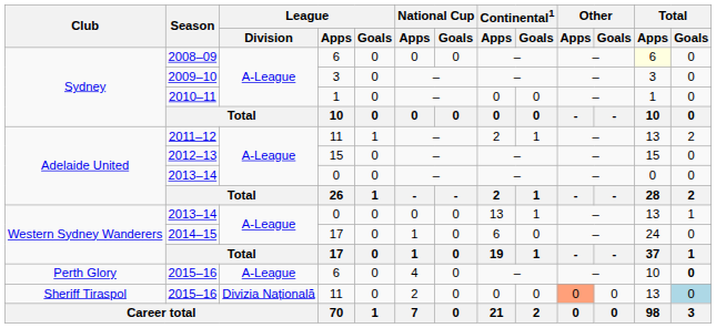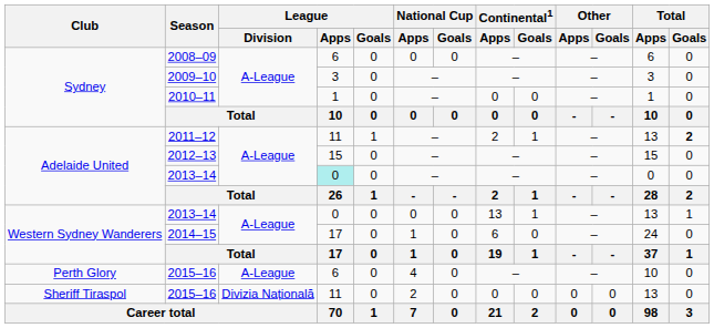 <table class="wikitable" style="text-align: center;">
 <tr>
 <th rowspan="2">Club</th>
 <th rowspan="2">Season</th>
 <th colspan="3">League</th>
 <th colspan="2">National Cup</th>
 <th colspan="2">Continental<sup>1</sup></th>
 <th colspan="2">Other</th>
 <th colspan="2">Total</th>
 </tr>
 <tr>
 <th>Division</th>
 <th>Apps</th>
 <th>Goals</th>
 <th>Apps</th>
 <th>Goals</th>
 <th>Apps</th>
 <th>Goals</th>
 <th>Apps</th>
 <th>Goals</th>
 <th>Apps</th>
 <th>Goals</th>
 </tr>
 <tr>
 <td rowspan="4" valign="center"><a href='#'>Sydney</a></td>
 <td><a href='#'>2008–09</a></td>
 <td rowspan="3" valign="center"><a href='#'>A-League</a></td>
 <td>6</td>
 <td>0</td>
 <td>0</td>
 <td>0</td>
 <td colspan="2">–</td>
 <td colspan="2">–</td>
-<td style="background: lightyellow;">6</td>
+<td>6</td>
 <td>0</td>
 </tr>
 <tr>
 <td><a href='#'>2009–10</a></td>
 <td>3</td>
 <td>0</td>
 <td colspan="2">–</td>
 <td colspan="2">–</td>
 <td colspan="2">–</td>
 <td>3</td>
 <td>0</td>
 </tr>
 <tr>
 <td><a href='#'>2010–11</a></td>
 <td>1</td>
 <td>0</td>
 <td colspan="2">–</td>
 <td>0</td>
 <td>0</td>
 <td colspan="2">–</td>
 <td>1</td>
 <td>0</td>
 </tr>
 <tr>
 <th colspan="2">Total</th>
 <th>10</th>
 <th>0</th>
 <th>0</th>
 <th>0</th>
 <th>0</th>
 <th>0</th>
 <th>-</th>
 <th>-</th>
 <th>10</th>
 <th>0</th>
 </tr>
 <tr>
 <td rowspan="4" valign="center"><a href='#'>Adelaide United</a></td>
 <td><a href='#'>2011–12</a></td>
 <td rowspan="3" valign="center"><a href='#'>A-League</a></td>
 <td>11</td>
 <td>1</td>
 <td colspan="2">–</td>
 <td>2</td>
 <td>1</td>
 <td colspan="2">–</td>
 <td>13</td>
-<td>2</td>
+<td><strong>2</strong></td>
 </tr>
 <tr>
 <td><a href='#'>2012–13</a></td>
 <td>15</td>
 <td>0</td>
 <td colspan="2">–</td>
 <td colspan="2">–</td>
 <td colspan="2">–</td>
 <td>15</td>
 <td>0</td>
 </tr>
 <tr>
 <td><a href='#'>2013–14</a></td>
-<td>0</td>
+<td style="background: paleturquoise;">0</td>
 <td>0</td>
 <td colspan="2">–</td>
 <td colspan="2">–</td>
 <td colspan="2">–</td>
 <td>0</td>
 <td>0</td>
 </tr>
 <tr>
 <th colspan="2">Total</th>
 <th>26</th>
 <th>1</th>
 <th>-</th>
 <th>-</th>
 <th>2</th>
 <th>1</th>
 <th>-</th>
 <th>-</th>
 <th>28</th>
 <th>2</th>
 </tr>
 <tr>
 <td rowspan="3" valign="center"><a href='#'>Western Sydney Wanderers</a></td>
 <td><a href='#'>2013–14</a></td>
 <td rowspan="2" valign="center"><a href='#'>A-League</a></td>
 <td>0</td>
 <td>0</td>
 <td>0</td>
 <td>0</td>
 <td>13</td>
 <td>1</td>
 <td colspan="2">–</td>
 <td>13</td>
 <td>1</td>
 </tr>
 <tr>
 <td><a href='#'>2014–15</a></td>
 <td>17</td>
 <td>0</td>
 <td>1</td>
 <td>0</td>
 <td>6</td>
 <td>0</td>
 <td colspan="2">–</td>
 <td>24</td>
 <td>0</td>
 </tr>
 <tr>
 <th colspan="2">Total</th>
 <th>17</th>
 <th>0</th>
 <th>1</th>
 <th>0</th>
 <th>19</th>
 <th>1</th>
 <th>-</th>
 <th>-</th>
 <th>37</th>
 <th>1</th>
 </tr>
 <tr>
 <td valign="center"><a href='#'>Perth Glory</a></td>
 <td><a href='#'>2015–16</a></td>
 <td><a href='#'>A-League</a></td>
 <td>6</td>
 <td>0</td>
 <td>4</td>
 <td>0</td>
 <td colspan="2">–</td>
 <td colspan="2">–</td>
 <td>10</td>
-<td><strong>0</strong></td>
+<td>0</td>
 </tr>
 <tr>
 <td valign="center"><a href='#'>Sheriff Tiraspol</a></td>
 <td><a href='#'>2015–16</a></td>
 <td><a href='#'>Divizia Națională</a></td>
 <td>11</td>
 <td>0</td>
 <td>2</td>
 <td>0</td>
 <td>0</td>
 <td>0</td>
-<td style="background: lightsalmon;">0</td>
+<td>0</td>
 <td>0</td>
 <td>13</td>
-<td style="background: lightblue;">0</td>
+<td>0</td>
 </tr>
 <tr>
 <th colspan="3">Career total</th>
 <th>70</th>
 <th>1</th>
 <th>7</th>
 <th>0</th>
 <th>21</th>
 <th>2</th>
 <th>0</th>
 <th>0</th>
 <th>98</th>
 <th>3</th>
 </tr>
 </table>
